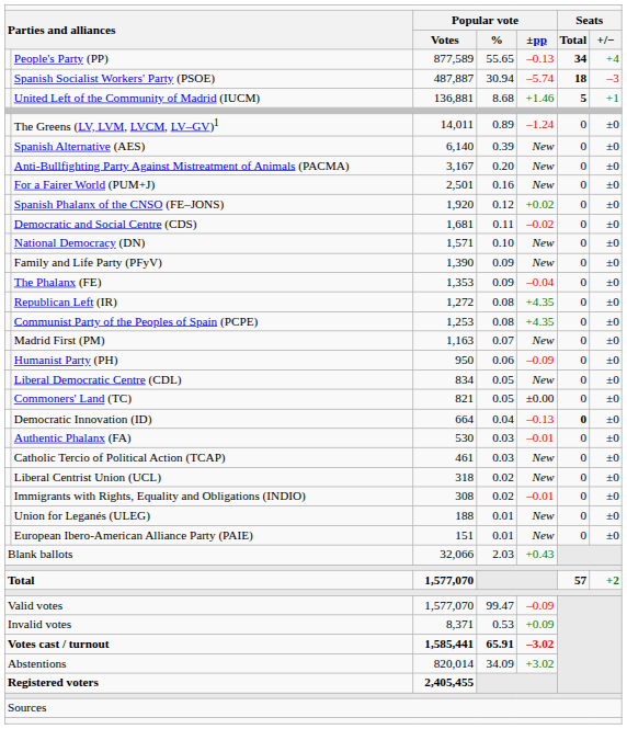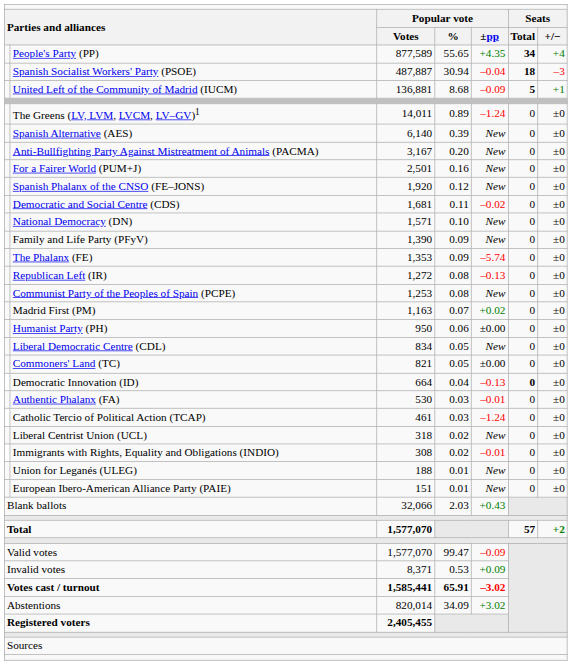 <table class="wikitable" style="text-align:right;">
 <tr>
 <td colspan="7"></td>
 </tr>
 <tr>
 <th style="text-align:left;" rowspan="2" colspan="2" width="525">Parties and alliances</th>
 <th colspan="3">Popular vote</th>
 <th colspan="2">Seats</th>
 </tr>
 <tr>
 <th width="75">Votes</th>
 <th width="45">%</th>
 <th width="45">±<a href='#'>pp</a></th>
 <th width="35">Total</th>
 <th width="35">+/−</th>
 </tr>
 <tr>
 <td width="1" style="color:inherit;background:"></td>
 <td align="left"><a href='#'>People's Party</a> (PP)</td>
 <td>877,589</td>
 <td>55.65</td>
-<td style="color:red;">–0.13</td>
+<td style="color:green;">+4.35</td>
 <td><strong>34</strong></td>
 <td style="color:green;">+4</td>
 </tr>
 <tr>
 <td style="color:inherit;background:"></td>
 <td align="left"><a href='#'>Spanish Socialist Workers' Party</a> (PSOE)</td>
 <td>487,887</td>
 <td>30.94</td>
-<td style="color:red;">–5.74</td>
+<td style="color:red;">–0.04</td>
 <td><strong>18</strong></td>
 <td style="color:red;">–3</td>
 </tr>
 <tr>
 <td style="color:inherit;background:"></td>
 <td align="left"><a href='#'>United Left of the Community of Madrid</a> (IUCM)</td>
 <td>136,881</td>
 <td>8.68</td>
-<td style="color:green;">+1.46</td>
+<td style="color:red;">–0.09</td>
 <td><strong>5</strong></td>
 <td style="color:green;">+1</td>
 </tr>
 <tr>
 <td colspan="7" bgcolor="#C0C0C0"></td>
 </tr>
 <tr>
 <td style="color:inherit;background:"></td>
 <td align="left">The Greens (<a href='#'>LV, LVM</a>, <a href='#'>LVCM</a>, <a href='#'>LV–GV</a>)<sup>1</sup></td>
 <td>14,011</td>
 <td>0.89</td>
 <td style="color:red;">–1.24</td>
 <td>0</td>
 <td>±0</td>
 </tr>
 <tr>
 <td style="color:inherit;background:"></td>
 <td align="left"><a href='#'>Spanish Alternative</a> (AES)</td>
 <td>6,140</td>
 <td>0.39</td>
 <td><em>New</em></td>
 <td>0</td>
 <td>±0</td>
 </tr>
 <tr>
 <td style="color:inherit;background:"></td>
 <td align="left"><a href='#'>Anti-Bullfighting Party Against Mistreatment of Animals</a> (PACMA)</td>
 <td>3,167</td>
 <td>0.20</td>
 <td><em>New</em></td>
 <td>0</td>
 <td>±0</td>
 </tr>
 <tr>
 <td style="color:inherit;background:"></td>
 <td align="left"><a href='#'>For a Fairer World</a> (PUM+J)</td>
 <td>2,501</td>
 <td>0.16</td>
 <td><em>New</em></td>
 <td>0</td>
 <td>±0</td>
 </tr>
 <tr>
 <td style="color:inherit;background:"></td>
 <td align="left"><a href='#'>Spanish Phalanx of the CNSO</a> (FE–JONS)</td>
 <td>1,920</td>
 <td>0.12</td>
-<td style="color:green;">+0.02</td>
+<td><em>New</em></td>
 <td>0</td>
 <td>±0</td>
 </tr>
 <tr>
 <td style="color:inherit;background:"></td>
 <td align="left"><a href='#'>Democratic and Social Centre</a> (CDS)</td>
 <td>1,681</td>
 <td>0.11</td>
 <td style="color:red;">–0.02</td>
 <td>0</td>
 <td>±0</td>
 </tr>
 <tr>
 <td style="color:inherit;background:"></td>
 <td align="left"><a href='#'>National Democracy</a> (DN)</td>
 <td>1,571</td>
 <td>0.10</td>
 <td><em>New</em></td>
 <td>0</td>
 <td>±0</td>
 </tr>
 <tr>
 <td style="color:inherit;background:"></td>
 <td align="left">Family and Life Party (PFyV)</td>
 <td>1,390</td>
 <td>0.09</td>
 <td><em>New</em></td>
 <td>0</td>
 <td>±0</td>
 </tr>
 <tr>
 <td style="color:inherit;background:"></td>
 <td align="left"><a href='#'>The Phalanx</a> (FE)</td>
 <td>1,353</td>
 <td>0.09</td>
-<td style="color:red;">–0.04</td>
+<td style="color:red;">–5.74</td>
 <td>0</td>
 <td>±0</td>
 </tr>
 <tr>
 <td style="color:inherit;background:"></td>
 <td align="left"><a href='#'>Republican Left</a> (IR)</td>
 <td>1,272</td>
 <td>0.08</td>
-<td style="color:green;">+4.35</td>
+<td style="color:red;">–0.13</td>
 <td>0</td>
 <td>±0</td>
 </tr>
 <tr>
 <td style="color:inherit;background:"></td>
 <td align="left"><a href='#'>Communist Party of the Peoples of Spain</a> (PCPE)</td>
 <td>1,253</td>
 <td>0.08</td>
-<td style="color:green;">+4.35</td>
+<td><em>New</em></td>
 <td>0</td>
 <td>±0</td>
 </tr>
 <tr>
 <td style="color:inherit;background:"></td>
 <td align="left">Madrid First (PM)</td>
 <td>1,163</td>
 <td>0.07</td>
-<td><em>New</em></td>
+<td style="color:green;">+0.02</td>
 <td>0</td>
 <td>±0</td>
 </tr>
 <tr>
 <td style="color:inherit;background:"></td>
 <td align="left"><a href='#'>Humanist Party</a> (PH)</td>
 <td>950</td>
 <td>0.06</td>
-<td style="color:red;">–0.09</td>
+<td>±0.00</td>
 <td>0</td>
 <td>±0</td>
 </tr>
 <tr>
 <td style="color:inherit;background:"></td>
 <td align="left"><a href='#'>Liberal Democratic Centre</a> (CDL)</td>
 <td>834</td>
 <td>0.05</td>
 <td><em>New</em></td>
 <td>0</td>
 <td>±0</td>
 </tr>
 <tr>
 <td style="color:inherit;background:"></td>
 <td align="left"><a href='#'>Commoners' Land</a> (TC)</td>
 <td>821</td>
 <td>0.05</td>
 <td>±0.00</td>
 <td>0</td>
 <td>±0</td>
 </tr>
 <tr>
 <td bgcolor="white"></td>
 <td align="left">Democratic Innovation (ID)</td>
 <td>664</td>
 <td>0.04</td>
 <td style="color:red;">–0.13</td>
 <td><strong>0</strong></td>
 <td>±0</td>
 </tr>
 <tr>
 <td style="color:inherit;background:"></td>
 <td align="left"><a href='#'>Authentic Phalanx</a> (FA)</td>
 <td>530</td>
 <td>0.03</td>
 <td style="color:red;">–0.01</td>
 <td>0</td>
 <td>±0</td>
 </tr>
 <tr>
 <td bgcolor="white"></td>
 <td align="left">Catholic Tercio of Political Action (TCAP)</td>
 <td>461</td>
 <td>0.03</td>
-<td><em>New</em></td>
+<td style="color:red;">–1.24</td>
 <td>0</td>
 <td>±0</td>
 </tr>
 <tr>
 <td style="color:inherit;background:"></td>
 <td align="left">Liberal Centrist Union (UCL)</td>
 <td>318</td>
 <td>0.02</td>
 <td><em>New</em></td>
 <td>0</td>
 <td>±0</td>
 </tr>
 <tr>
 <td bgcolor="white"></td>
 <td align="left">Immigrants with Rights, Equality and Obligations (INDIO)</td>
 <td>308</td>
 <td>0.02</td>
 <td style="color:red;">–0.01</td>
 <td>0</td>
 <td>±0</td>
 </tr>
 <tr>
 <td style="color:inherit;background:"></td>
 <td align="left">Union for Leganés (ULEG)</td>
 <td>188</td>
 <td>0.01</td>
 <td><em>New</em></td>
 <td>0</td>
 <td>±0</td>
 </tr>
 <tr>
 <td style="color:inherit;background:"></td>
 <td align="left">European Ibero-American Alliance Party (PAIE)</td>
 <td>151</td>
 <td>0.01</td>
 <td><em>New</em></td>
 <td>0</td>
 <td>±0</td>
 </tr>
 <tr>
 <td align="left" colspan="2">Blank ballots</td>
 <td>32,066</td>
 <td>2.03</td>
 <td style="color:green;">+0.43</td>
 <td bgcolor="#E9E9E9" colspan="2"></td>
 </tr>
 <tr>
 <td colspan="7" bgcolor="#E9E9E9"></td>
 </tr>
 <tr style="font-weight:bold;">
 <td align="left" colspan="2">Total</td>
 <td>1,577,070</td>
 <td bgcolor="#E9E9E9" colspan="2"></td>
 <td>57</td>
 <td style="color:green;">+2</td>
 </tr>
 <tr>
 <td colspan="7" bgcolor="#E9E9E9"></td>
 </tr>
 <tr>
 <td align="left" colspan="2">Valid votes</td>
 <td>1,577,070</td>
 <td>99.47</td>
 <td style="color:red;">–0.09</td>
 <td bgcolor="#E9E9E9" colspan="2" rowspan="5"></td>
 </tr>
 <tr>
 <td align="left" colspan="2">Invalid votes</td>
 <td>8,371</td>
 <td>0.53</td>
 <td style="color:green;">+0.09</td>
 </tr>
 <tr style="font-weight:bold;">
 <td align="left" colspan="2">Votes cast / turnout</td>
 <td>1,585,441</td>
 <td>65.91</td>
 <td style="color:red;">–3.02</td>
 </tr>
 <tr>
 <td align="left" colspan="2">Abstentions</td>
 <td>820,014</td>
 <td>34.09</td>
 <td style="color:green;">+3.02</td>
 </tr>
 <tr style="font-weight:bold;">
 <td align="left" colspan="2">Registered voters</td>
 <td>2,405,455</td>
 <td bgcolor="#E9E9E9" colspan="2"></td>
 </tr>
 <tr>
 <td colspan="7" bgcolor="#E9E9E9"></td>
 </tr>
 <tr>
 <td align="left" colspan="7">Sources</td>
 </tr>
 <tr>
 <td colspan="7" style="text-align:left; max-width:790px;"></td>
 </tr>
 </table>
